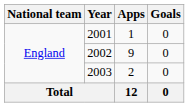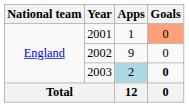 <table class="wikitable" style="text-align:center">
 <tr>
 <th>National team</th>
 <th>Year</th>
 <th>Apps</th>
 <th>Goals</th>
 </tr>
 <tr>
 <td rowspan="3"><a href='#'>England</a></td>
 <td>2001</td>
 <td>1</td>
-<td>0</td>
+<td style="background: lightsalmon;">0</td>
 </tr>
 <tr>
 <td>2002</td>
 <td>9</td>
 <td>0</td>
 </tr>
 <tr>
 <td>2003</td>
-<td>2</td>
-<td>0</td>
+<td style="background: lightblue;">2</td>
+<td><strong>0</strong></td>
 </tr>
 <tr>
 <th colspan="2">Total</th>
 <th>12</th>
 <th>0</th>
 </tr>
 </table>
